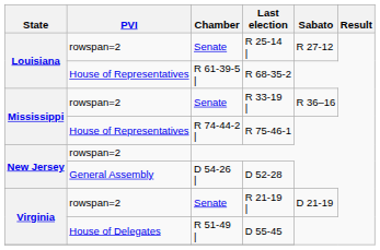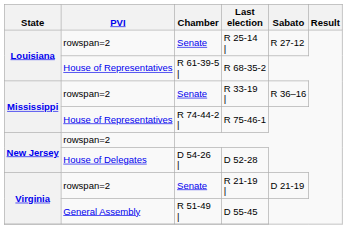 <table class="wikitable sortable" style="font-size:90%;">
 <tr style="vertical-align:bottom">
 <th>State</th>
 <th><a href='#'>PVI</a></th>
 <th>Chamber</th>
 <th data-sort-type="number">Last<br>election</th>
 <th>Sabato<br></th>
 <th>Result</th>
 </tr>
 <tr>
 <th rowspan=2><a href='#'>Louisiana</a></th>
 <td>rowspan=2 </td>
 <td><a href='#'>Senate</a></td>
 <td>R 25-14<br>| </td>
 <td>R 27-12</td>
 </tr>
 <tr>
 <td><a href='#'>House of Representatives</a></td>
 <td>R 61-39-5<br>| </td>
 <td>R 68-35-2</td>
 </tr>
 <tr>
 <th rowspan=2><a href='#'>Mississippi</a></th>
 <td>rowspan=2 </td>
 <td><a href='#'>Senate</a></td>
 <td>R 33-19<br>| </td>
 <td>R 36–16</td>
 </tr>
 <tr>
 <td><a href='#'>House of Representatives</a></td>
 <td>R 74-44-2<br>| </td>
 <td>R 75-46-1</td>
 </tr>
 <tr>
 <th rowspan=2><a href='#'>New Jersey</a></th>
 <td>rowspan=2 </td>
 </tr>
 <tr>
-<td><a href='#'>General Assembly</a></td>
+<td><a href='#'>House of Delegates</a></td>
 <td>D 54-26<br>| </td>
 <td>D 52-28</td>
 </tr>
 <tr>
 <th rowspan=2><a href='#'>Virginia</a></th>
 <td>rowspan=2 </td>
 <td><a href='#'>Senate</a></td>
 <td>R 21-19<br>| </td>
 <td>D 21-19</td>
 </tr>
 <tr>
-<td><a href='#'>House of Delegates</a></td>
+<td><a href='#'>General Assembly</a></td>
 <td>R 51-49<br>| </td>
 <td>D 55-45</td>
 </tr>
 <tr>
 </tr>
 </table>
